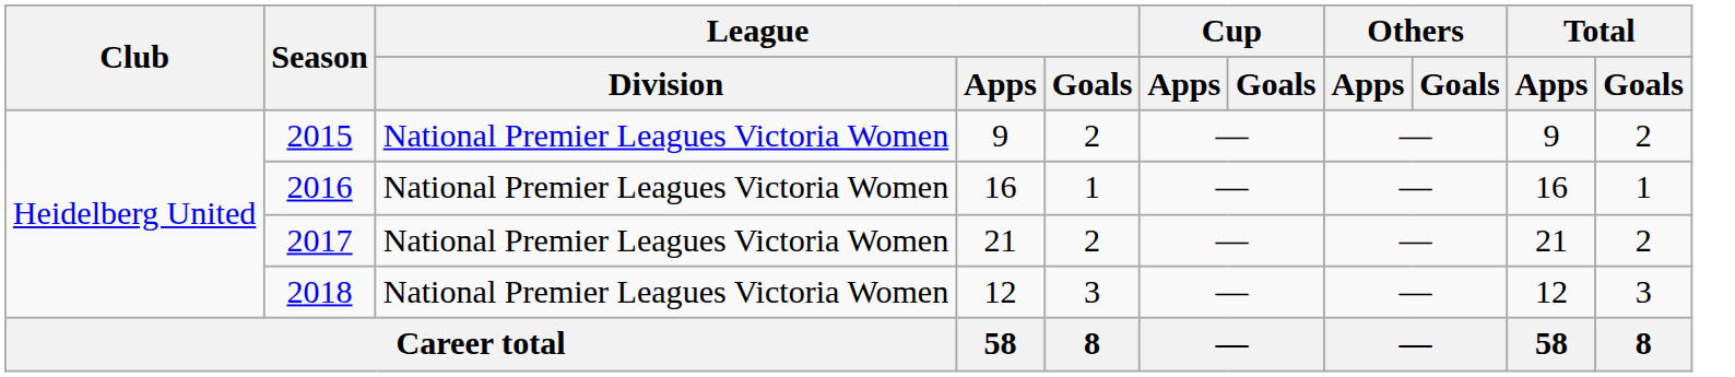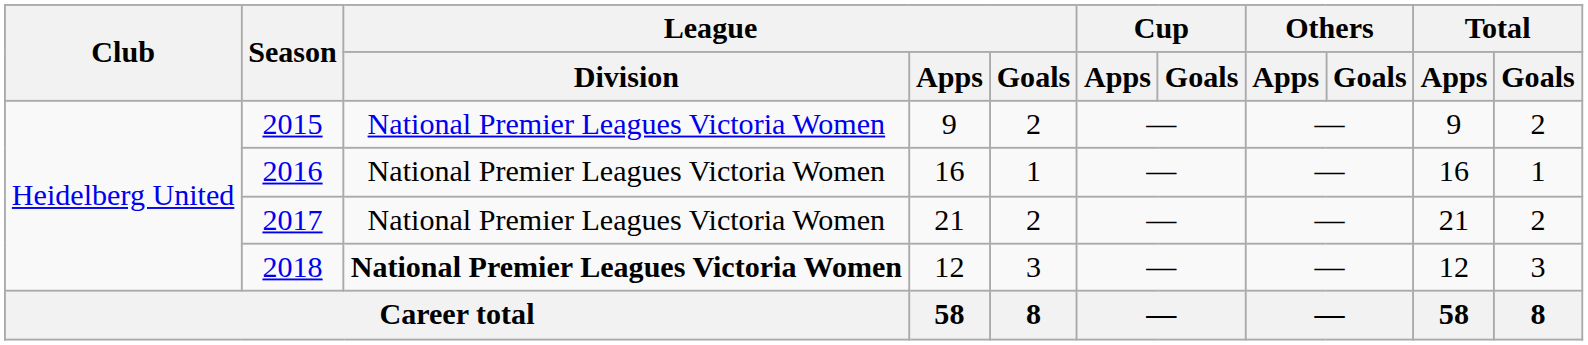 <table class="wikitable" style="text-align: center;">
 <tr>
 <th rowspan=2>Club</th>
 <th rowspan=2>Season</th>
 <th colspan=3>League</th>
 <th colspan=2>Cup</th>
 <th colspan=2>Others</th>
 <th colspan=2>Total</th>
 </tr>
 <tr>
 <th>Division</th>
 <th>Apps</th>
 <th>Goals</th>
 <th>Apps</th>
 <th>Goals</th>
 <th>Apps</th>
 <th>Goals</th>
 <th>Apps</th>
 <th>Goals</th>
 </tr>
 <tr>
 <td rowspan=4><a href='#'>Heidelberg United</a></td>
 <td><a href='#'>2015</a></td>
 <td><a href='#'>National Premier Leagues Victoria Women</a></td>
 <td>9</td>
 <td>2</td>
 <td colspan=2>—</td>
 <td colspan=2>—</td>
 <td>9</td>
 <td>2</td>
 </tr>
 <tr>
 <td><a href='#'>2016</a></td>
 <td>National Premier Leagues Victoria Women</td>
 <td>16</td>
 <td>1</td>
 <td colspan=2>—</td>
 <td colspan=2>—</td>
 <td>16</td>
 <td>1</td>
 </tr>
 <tr>
 <td><a href='#'>2017</a></td>
 <td>National Premier Leagues Victoria Women</td>
 <td>21</td>
 <td>2</td>
 <td colspan=2>—</td>
 <td colspan=2>—</td>
 <td>21</td>
 <td>2</td>
 </tr>
 <tr>
 <td><a href='#'>2018</a></td>
-<td>National Premier Leagues Victoria Women</td>
+<td><strong>National Premier Leagues Victoria Women</strong></td>
 <td>12</td>
 <td>3</td>
 <td colspan=2>—</td>
 <td colspan=2>—</td>
 <td>12</td>
 <td>3</td>
 </tr>
 <tr>
 <th colspan=3>Career total</th>
 <th>58</th>
 <th>8</th>
 <th colspan=2>—</th>
 <th colspan=2>—</th>
 <th>58</th>
 <th>8</th>
 </tr>
 </table>
